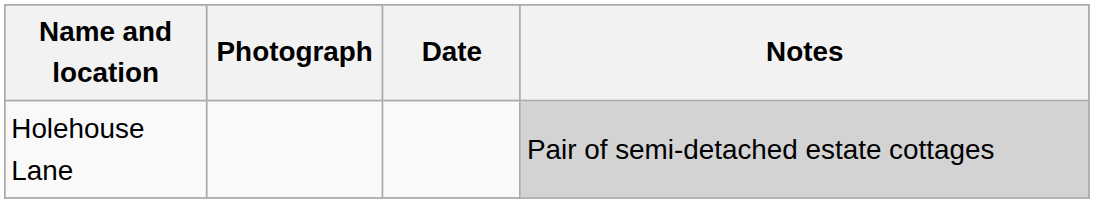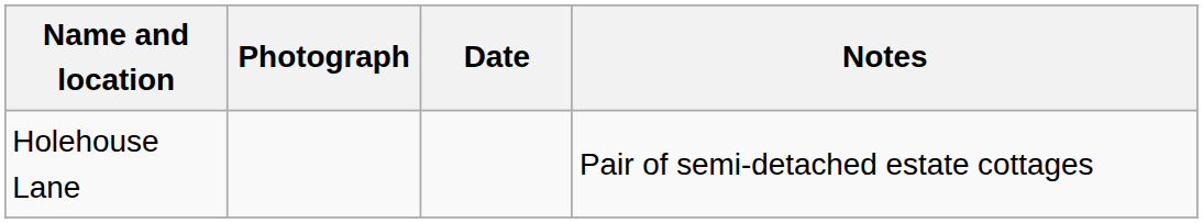 <table class="wikitable sortable plainrowheaders" style="width:100%;border:0px;text-align:left;line-height:150%;">
 <tr>
 <th scope="col"  style="width:150px">Name and location</th>
 <th scope="col"  style="width:100px" class="unsortable">Photograph</th>
 <th scope="col"  style="width:120px" class="unsortable">Date</th>
 <th scope="col"  style="width:650px" class="unsortable">Notes</th>
 </tr>
 <tr>
 <td>Holehouse Lane<br><small></small></td>
 <td></td>
 <td></td>
-<td style="background: lightgrey;">Pair of semi-detached estate cottages</td>
+<td>Pair of semi-detached estate cottages</td>
 </tr>
 <tr>
 </tr>
 </table>
